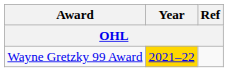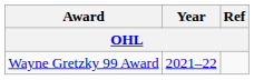 <table class="wikitable">
 <tr>
 <th>Award</th>
 <th>Year</th>
 <th>Ref</th>
 </tr>
 <tr>
 <th colspan="3"><a href='#'>OHL</a></th>
 </tr>
 <tr>
 <td><a href='#'>Wayne Gretzky 99 Award</a></td>
-<td style="background: gold;"><a href='#'>2021–22</a></td>
+<td><a href='#'>2021–22</a></td>
 <td></td>
 </tr>
 </table>
